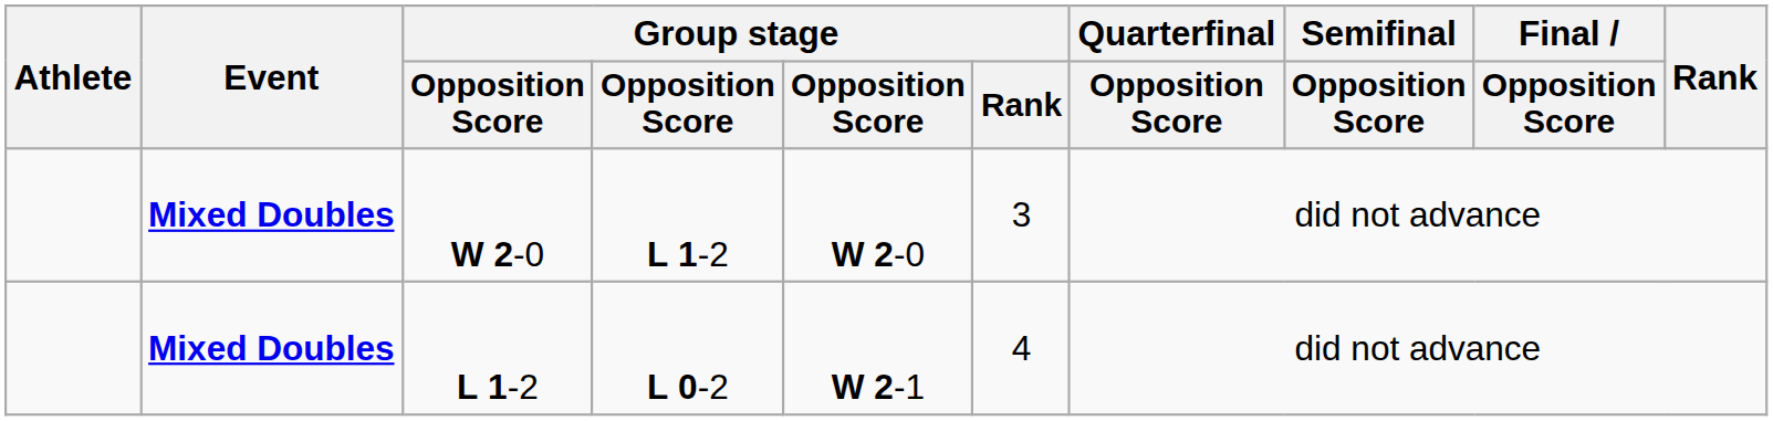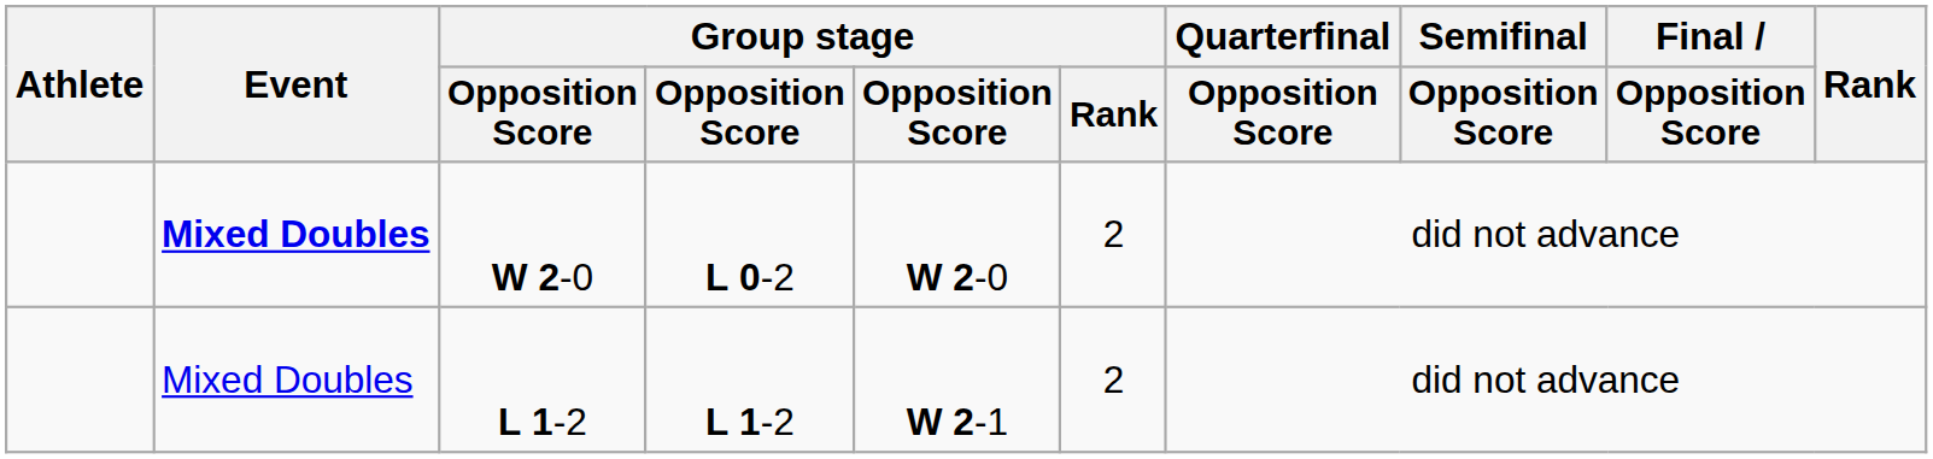 <table class="wikitable" style="font-size:90%">
 <tr>
 <th rowspan=2>Athlete</th>
 <th rowspan=2>Event</th>
 <th colspan=4>Group stage</th>
 <th>Quarterfinal</th>
 <th>Semifinal</th>
 <th>Final / </th>
 <th rowspan=2>Rank</th>
 </tr>
 <tr style="font-size:95%">
 <th>Opposition<br>Score</th>
 <th>Opposition<br>Score</th>
 <th>Opposition<br>Score</th>
 <th>Rank</th>
 <th>Opposition<br>Score</th>
 <th>Opposition<br>Score</th>
 <th>Opposition<br>Score</th>
 </tr>
 <tr align=center>
 <td align=left><br></td>
 <td align=left><strong><a href='#'>Mixed Doubles</a></strong></td>
 <td><small><br></small> <br> <strong>W</strong> <strong>2</strong>-0</td>
-<td><small><br></small> <br> <strong>L</strong> <strong>1</strong>-2</td>
+<td><small><br></small> <br> <strong>L</strong> <strong>0</strong>-2</td>
 <td><small><br></small> <br> <strong>W</strong> <strong>2</strong>-0</td>
-<td>3</td>
+<td>2</td>
 <td colspan=4>did not advance</td>
 </tr>
 <tr align=center>
 <td align=left><br></td>
-<td align=left><strong><a href='#'>Mixed Doubles</a></strong></td>
+<td align=left><a href='#'>Mixed Doubles</a></td>
 <td><small><br></small> <br> <strong>L</strong> <strong>1</strong>-2</td>
-<td><small><br></small> <br> <strong>L</strong> <strong>0</strong>-2</td>
+<td><small><br></small> <br> <strong>L</strong> <strong>1</strong>-2</td>
 <td><small><br></small> <br> <strong>W</strong> <strong>2</strong>-1</td>
-<td>4</td>
+<td>2</td>
 <td colspan=4>did not advance</td>
 </tr>
 </table>
